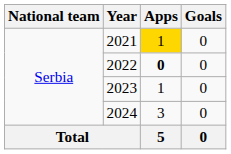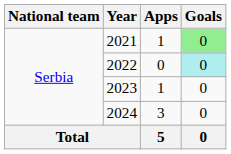 <table class="wikitable" style="text-align:center">
 <tr>
 <th>National team</th>
 <th>Year</th>
 <th>Apps</th>
 <th>Goals</th>
 </tr>
 <tr>
 <td rowspan="4"><a href='#'>Serbia</a></td>
 <td>2021</td>
-<td style="background: gold;">1</td>
-<td>0</td>
+<td>1</td>
+<td style="background: lightgreen;">0</td>
 </tr>
 <tr>
 <td>2022</td>
-<td><strong>0</strong></td>
 <td>0</td>
+<td style="background: paleturquoise;">0</td>
 </tr>
 <tr>
 <td>2023</td>
 <td>1</td>
 <td>0</td>
 </tr>
 <tr>
 <td>2024</td>
 <td>3</td>
 <td>0</td>
 </tr>
 <tr>
 <th colspan="2">Total</th>
 <th>5</th>
 <th>0</th>
 </tr>
 </table>
